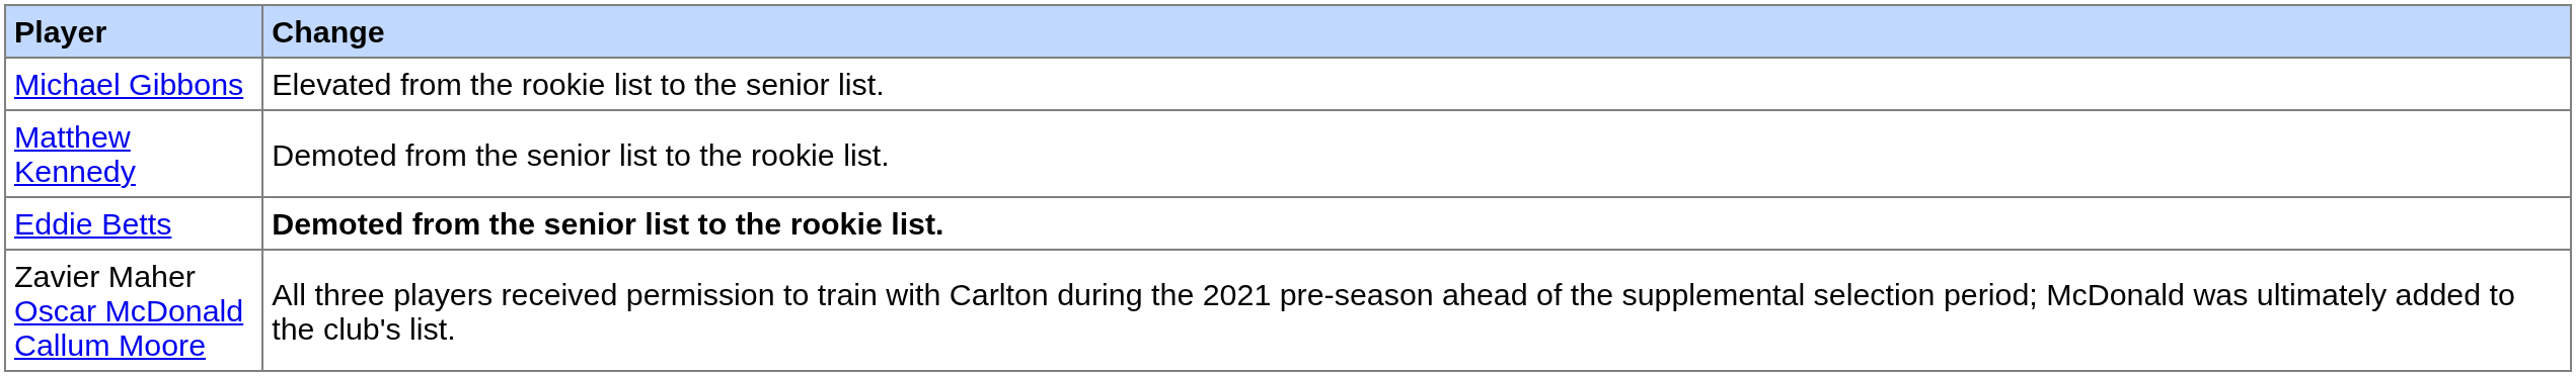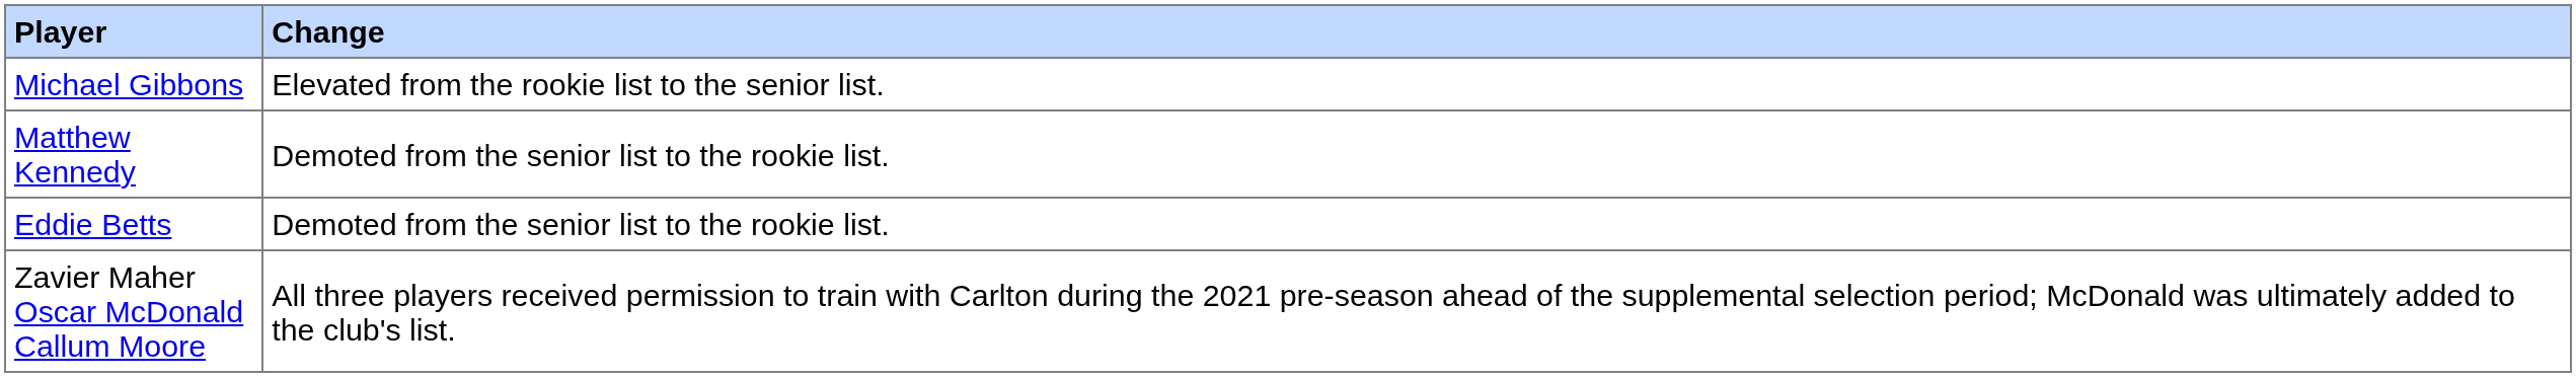 <table border="1" cellpadding="4" cellspacing="0"  style="text-align:left; font-size:95%; border-collapse:collapse; width:80%;">
 <tr style="background:#C1D8FF;">
 <th>Player</th>
 <th>Change</th>
 </tr>
 <tr>
 <td> <a href='#'>Michael Gibbons</a></td>
 <td>Elevated from the rookie list to the senior list.</td>
 </tr>
 <tr>
 <td> <a href='#'>Matthew Kennedy</a></td>
 <td>Demoted from the senior list to the rookie list.</td>
 </tr>
 <tr>
 <td> <a href='#'>Eddie Betts</a></td>
-<td><strong>Demoted from the senior list to the rookie list.</strong></td>
+<td>Demoted from the senior list to the rookie list.</td>
 </tr>
 <tr>
 <td> Zavier Maher<br> <a href='#'>Oscar McDonald</a><br> <a href='#'>Callum Moore</a></td>
 <td>All three players received permission to train with Carlton during the 2021 pre-season ahead of the supplemental selection period; McDonald was ultimately added to the club's list.</td>
 </tr>
 </table>
